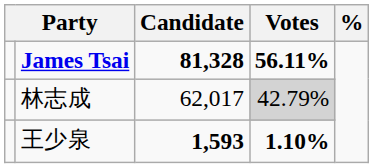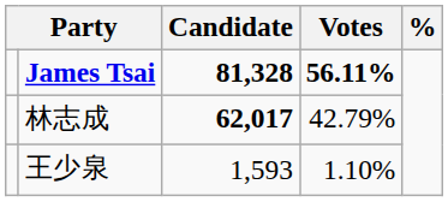 <table class="wikitable">
 <tr>
 <th colspan="2">Party</th>
 <th>Candidate</th>
 <th>Votes</th>
 <th>%</th>
 </tr>
 <tr>
 <td></td>
 <td><strong><a href='#'>James Tsai</a></strong></td>
 <td align="right"><strong>81,328</strong></td>
 <td align="right"><strong>56.11%</strong></td>
 </tr>
 <tr>
 <td></td>
 <td>林志成</td>
-<td align="right">62,017</td>
-<td align="right" style="background: lightgrey;">42.79%</td>
+<td align="right"><strong>62,017</strong></td>
+<td align="right">42.79%</td>
 </tr>
 <tr>
 <td></td>
 <td>王少泉</td>
-<td align="right"><strong>1,593</strong></td>
-<td align="right"><strong>1.10%</strong></td>
+<td align="right">1,593</td>
+<td align="right">1.10%</td>
 </tr>
 </table>
